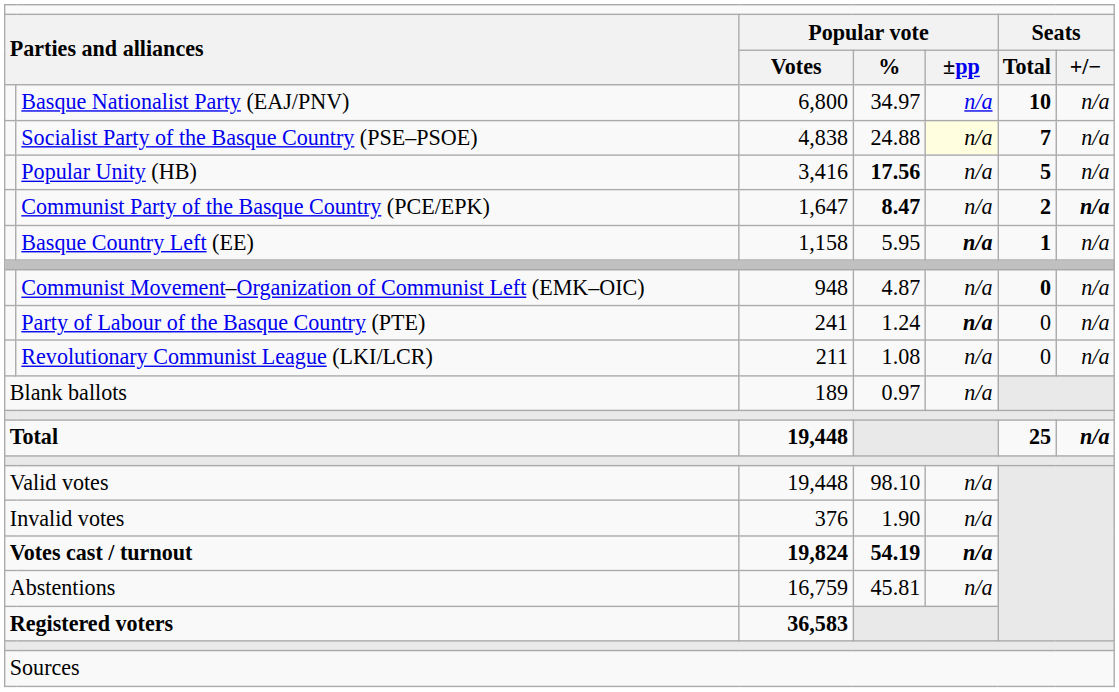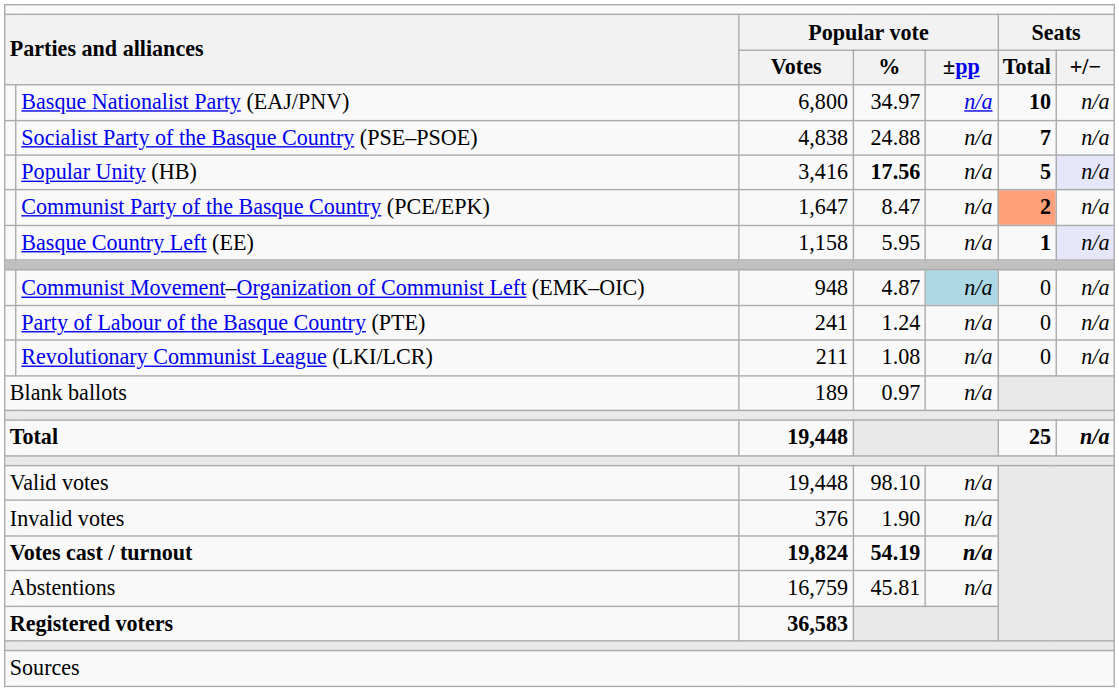 <table class="wikitable" style="text-align:right;">
 <tr>
 <td colspan="7"></td>
 </tr>
 <tr>
 <th style="text-align:left;" rowspan="2" colspan="2" width="525">Parties and alliances</th>
 <th colspan="3">Popular vote</th>
 <th colspan="2">Seats</th>
 </tr>
 <tr>
 <th width="75">Votes</th>
 <th width="45">%</th>
 <th width="45">±<a href='#'>pp</a></th>
 <th width="35">Total</th>
 <th width="35">+/−</th>
 </tr>
 <tr>
 <td width="1" style="color:inherit;background:"></td>
 <td align="left"><a href='#'>Basque Nationalist Party</a> (EAJ/PNV)</td>
 <td>6,800</td>
 <td>34.97</td>
 <td><em><a href='#'>n/a</a></em></td>
 <td><strong>10</strong></td>
 <td><em>n/a</em></td>
 </tr>
 <tr>
 <td style="color:inherit;background:"></td>
 <td align="left"><a href='#'>Socialist Party of the Basque Country</a> (PSE–PSOE)</td>
 <td>4,838</td>
 <td>24.88</td>
-<td style="background: lightyellow;"><em>n/a</em></td>
+<td><em>n/a</em></td>
 <td><strong>7</strong></td>
 <td><em>n/a</em></td>
 </tr>
 <tr>
 <td style="color:inherit;background:"></td>
 <td align="left"><a href='#'>Popular Unity</a> (HB)</td>
 <td>3,416</td>
 <td><strong>17.56</strong></td>
 <td><em>n/a</em></td>
 <td><strong>5</strong></td>
-<td><em>n/a</em></td>
+<td style="background: lavender;"><em>n/a</em></td>
 </tr>
 <tr>
 <td style="color:inherit;background:"></td>
 <td align="left"><a href='#'>Communist Party of the Basque Country</a> (PCE/EPK)</td>
 <td>1,647</td>
-<td><strong>8.47</strong></td>
+<td>8.47</td>
 <td><em>n/a</em></td>
-<td><strong>2</strong></td>
-<td><strong><em>n/a</em></strong></td>
+<td style="background: lightsalmon;"><strong>2</strong></td>
+<td><em>n/a</em></td>
 </tr>
 <tr>
 <td style="color:inherit;background:"></td>
 <td align="left"><a href='#'>Basque Country Left</a> (EE)</td>
 <td>1,158</td>
 <td>5.95</td>
-<td><strong><em>n/a</em></strong></td>
+<td><em>n/a</em></td>
 <td><strong>1</strong></td>
-<td><em>n/a</em></td>
+<td style="background: lavender;"><em>n/a</em></td>
 </tr>
 <tr>
 <td colspan="7" bgcolor="#C0C0C0"></td>
 </tr>
 <tr>
 <td style="color:inherit;background:"></td>
 <td align="left"><a href='#'>Communist Movement</a>–<a href='#'>Organization of Communist Left</a> (EMK–OIC)</td>
 <td>948</td>
 <td>4.87</td>
-<td><em>n/a</em></td>
-<td><strong>0</strong></td>
+<td style="background: lightblue;"><em>n/a</em></td>
+<td>0</td>
 <td><em>n/a</em></td>
 </tr>
 <tr>
 <td style="color:inherit;background:"></td>
 <td align="left"><a href='#'>Party of Labour of the Basque Country</a> (PTE)</td>
 <td>241</td>
 <td>1.24</td>
-<td><strong><em>n/a</em></strong></td>
+<td><em>n/a</em></td>
 <td>0</td>
 <td><em>n/a</em></td>
 </tr>
 <tr>
 <td style="color:inherit;background:"></td>
 <td align="left"><a href='#'>Revolutionary Communist League</a> (LKI/LCR)</td>
 <td>211</td>
 <td>1.08</td>
 <td><em>n/a</em></td>
 <td>0</td>
 <td><em>n/a</em></td>
 </tr>
 <tr>
 <td align="left" colspan="2">Blank ballots</td>
 <td>189</td>
 <td>0.97</td>
 <td><em>n/a</em></td>
 <td bgcolor="#E9E9E9" colspan="2"></td>
 </tr>
 <tr>
 <td colspan="7" bgcolor="#E9E9E9"></td>
 </tr>
 <tr style="font-weight:bold;">
 <td align="left" colspan="2">Total</td>
 <td>19,448</td>
 <td bgcolor="#E9E9E9" colspan="2"></td>
 <td>25</td>
 <td><em>n/a</em></td>
 </tr>
 <tr>
 <td colspan="7" bgcolor="#E9E9E9"></td>
 </tr>
 <tr>
 <td align="left" colspan="2">Valid votes</td>
 <td>19,448</td>
 <td>98.10</td>
 <td><em>n/a</em></td>
 <td bgcolor="#E9E9E9" colspan="2" rowspan="5"></td>
 </tr>
 <tr>
 <td align="left" colspan="2">Invalid votes</td>
 <td>376</td>
 <td>1.90</td>
 <td><em>n/a</em></td>
 </tr>
 <tr style="font-weight:bold;">
 <td align="left" colspan="2">Votes cast / turnout</td>
 <td>19,824</td>
 <td>54.19</td>
 <td><em>n/a</em></td>
 </tr>
 <tr>
 <td align="left" colspan="2">Abstentions</td>
 <td>16,759</td>
 <td>45.81</td>
 <td><em>n/a</em></td>
 </tr>
 <tr style="font-weight:bold;">
 <td align="left" colspan="2">Registered voters</td>
 <td>36,583</td>
 <td bgcolor="#E9E9E9" colspan="2"></td>
 </tr>
 <tr>
 <td colspan="7" bgcolor="#E9E9E9"></td>
 </tr>
 <tr>
 <td align="left" colspan="7">Sources</td>
 </tr>
 </table>
